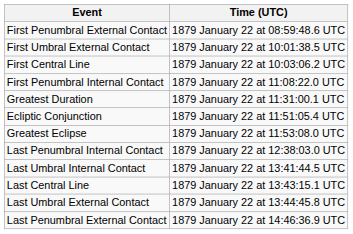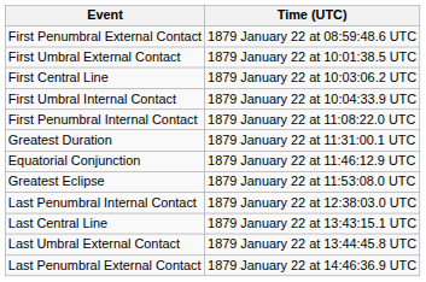 <table class="wikitable">
 <tr>
 <th>Event</th>
 <th>Time (UTC)</th>
 </tr>
 <tr>
 <td>First Penumbral External Contact</td>
 <td>1879 January 22 at 08:59:48.6 UTC</td>
 </tr>
 <tr>
 <td>First Umbral External Contact</td>
 <td>1879 January 22 at 10:01:38.5 UTC</td>
 </tr>
 <tr>
 <td>First Central Line</td>
 <td>1879 January 22 at 10:03:06.2 UTC</td>
 </tr>
 <tr>
+<td>First Umbral Internal Contact</td>
+<td>1879 January 22 at 10:04:33.9 UTC</td>
+</tr>
+<tr>
 <td>First Penumbral Internal Contact</td>
 <td>1879 January 22 at 11:08:22.0 UTC</td>
 </tr>
 <tr>
 <td>Greatest Duration</td>
 <td>1879 January 22 at 11:31:00.1 UTC</td>
 </tr>
 <tr>
-<td>Ecliptic Conjunction</td>
-<td>1879 January 22 at 11:51:05.4 UTC</td>
+<td>Equatorial Conjunction</td>
+<td>1879 January 22 at 11:46:12.9 UTC</td>
 </tr>
 <tr>
 <td>Greatest Eclipse</td>
 <td>1879 January 22 at 11:53:08.0 UTC</td>
 </tr>
 <tr>
 <td>Last Penumbral Internal Contact</td>
 <td>1879 January 22 at 12:38:03.0 UTC</td>
-</tr>
-<tr>
-<td>Last Umbral Internal Contact</td>
-<td>1879 January 22 at 13:41:44.5 UTC</td>
 </tr>
 <tr>
 <td>Last Central Line</td>
 <td>1879 January 22 at 13:43:15.1 UTC</td>
 </tr>
 <tr>
 <td>Last Umbral External Contact</td>
 <td>1879 January 22 at 13:44:45.8 UTC</td>
 </tr>
 <tr>
 <td>Last Penumbral External Contact</td>
 <td>1879 January 22 at 14:46:36.9 UTC</td>
 </tr>
 </table>
